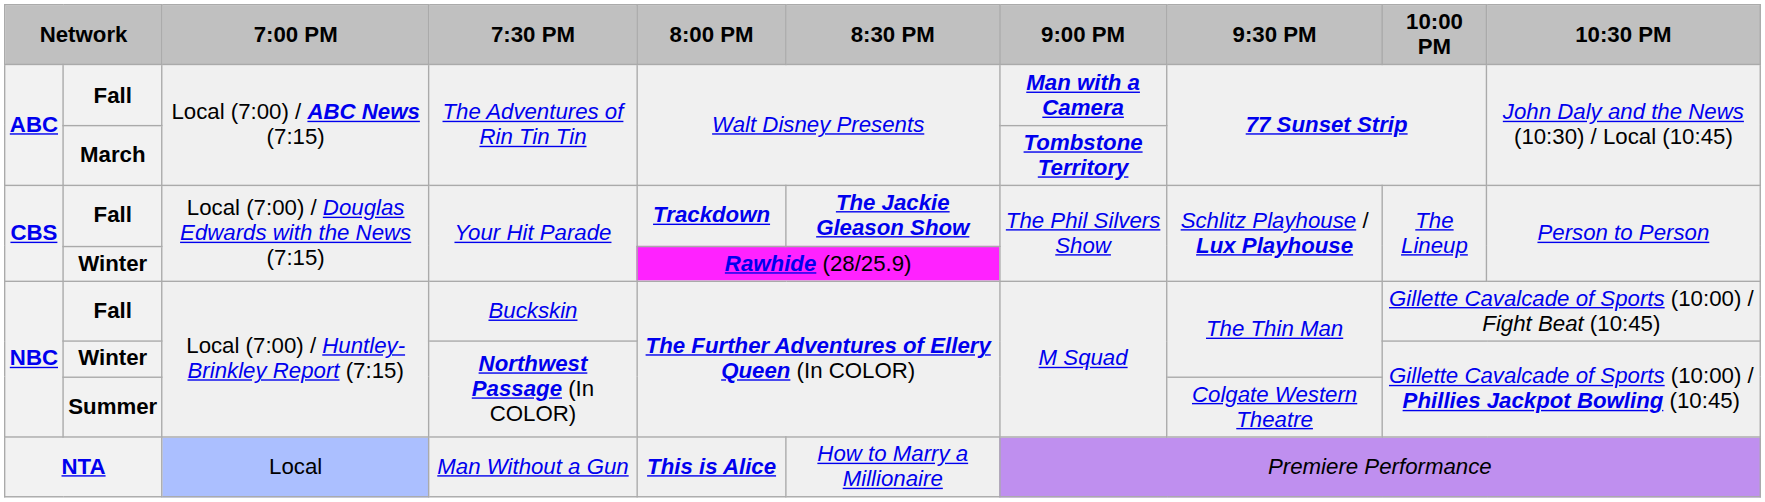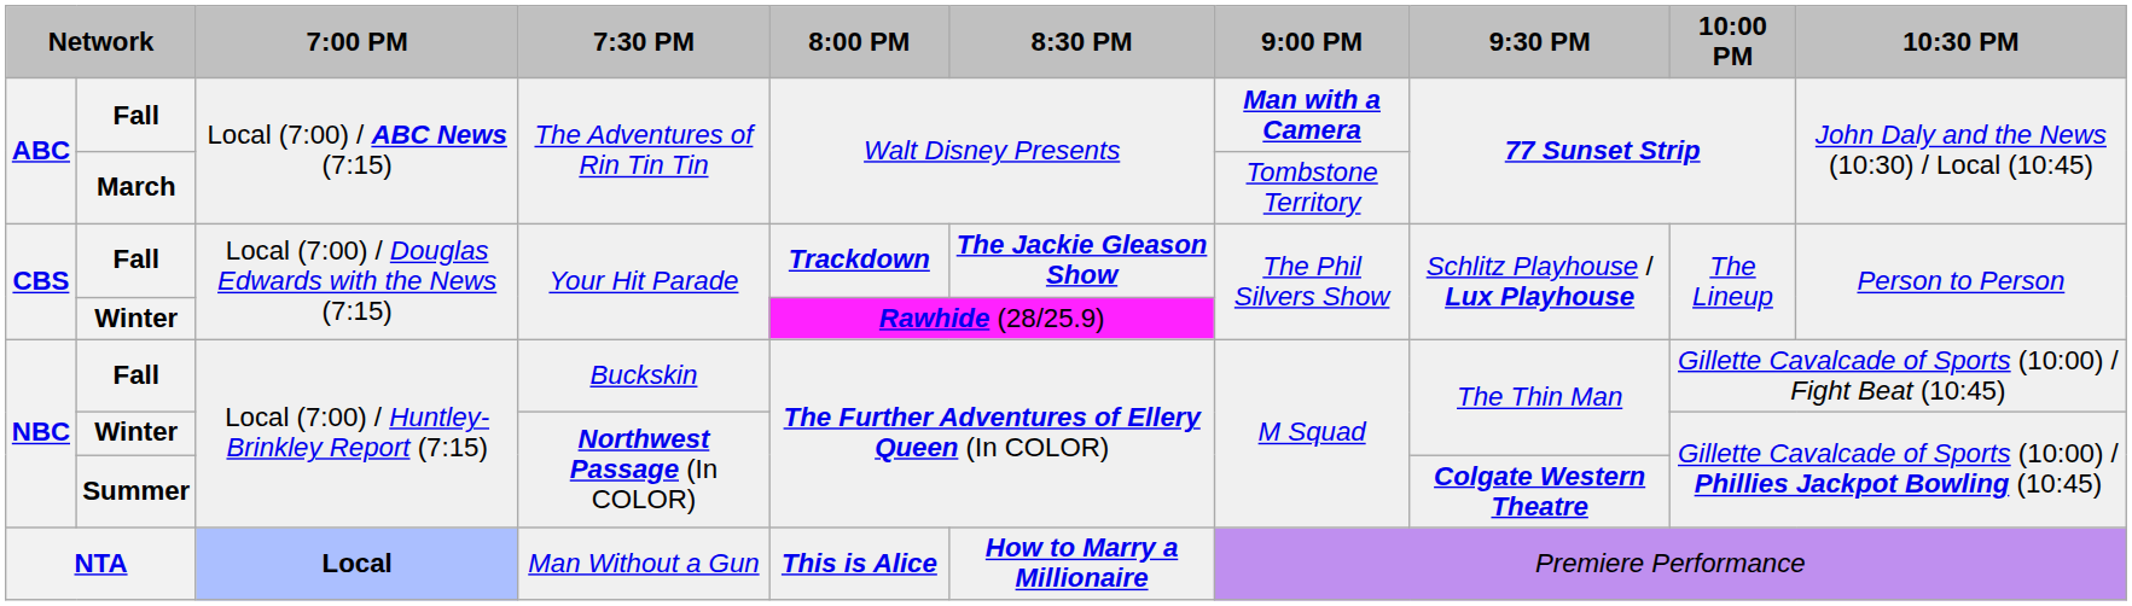 <table class="wikitable" style="width:100%;margin-right:0;text-align:center">
 <tr>
 <th colspan="2" style="background-color:#C0C0C0;text-align:center">Network</th>
 <th style="background-color:#C0C0C0;text-align:center">7:00 PM</th>
 <th style="background-color:#C0C0C0;text-align:center">7:30 PM</th>
 <th style="background-color:#C0C0C0;text-align:center">8:00 PM</th>
 <th style="background-color:#C0C0C0;text-align:center">8:30 PM</th>
 <th style="background-color:#C0C0C0;text-align:center">9:00 PM</th>
 <th style="background-color:#C0C0C0;text-align:center">9:30 PM</th>
 <th style="background-color:#C0C0C0;text-align:center">10:00 PM</th>
 <th style="background-color:#C0C0C0;text-align:center">10:30 PM</th>
 </tr>
 <tr>
 <th rowspan="2"><a href='#'>ABC</a></th>
 <th>Fall</th>
 <td bgcolor="#F0F0F0"  rowspan="2">Local (7:00) / <strong><em><a href='#'>ABC News</a></em></strong> (7:15)</td>
 <td bgcolor="#F0F0F0"  rowspan="2"><em><a href='#'>The Adventures of Rin Tin Tin</a></em></td>
 <td bgcolor="#F0F0F0" colspan="2"  rowspan="2"><em><a href='#'>Walt Disney Presents</a></em></td>
 <td bgcolor="#F0F0F0"><strong><em><a href='#'>Man with a Camera</a></em></strong></td>
 <td bgcolor="#F0F0F0" colspan="2"  rowspan="2"><strong><em><a href='#'>77 Sunset Strip</a></em></strong></td>
 <td bgcolor="#F0F0F0"  rowspan="2"><em><a href='#'>John Daly and the News</a></em> (10:30) / Local (10:45)</td>
 </tr>
 <tr>
 <th>March</th>
-<td bgcolor="#F0F0F0"><strong><em><a href='#'>Tombstone Territory</a></em></strong></td>
+<td bgcolor="#F0F0F0"><em><a href='#'>Tombstone Territory</a></em></td>
 </tr>
 <tr>
 <th rowspan="2"><a href='#'>CBS</a></th>
 <th>Fall</th>
 <td bgcolor="#F0F0F0" rowspan="2">Local (7:00) / <em><a href='#'>Douglas Edwards with the News</a></em> (7:15)</td>
 <td bgcolor="#F0F0F0" rowspan="2"><em><a href='#'>Your Hit Parade</a></em></td>
 <td bgcolor="#F0F0F0"><strong><em><a href='#'>Trackdown</a></em></strong></td>
 <td bgcolor="#F0F0F0"><strong><em><a href='#'>The Jackie Gleason Show</a></em></strong></td>
 <td bgcolor="#F0F0F0" rowspan="2"><em><a href='#'>The Phil Silvers Show</a></em></td>
 <td bgcolor="#F0F0F0" rowspan="2"><em><a href='#'>Schlitz Playhouse</a></em> / <strong><em><a href='#'>Lux Playhouse</a></em></strong></td>
 <td bgcolor="#F0F0F0" rowspan="2"><em><a href='#'>The Lineup</a></em></td>
 <td bgcolor="#F0F0F0" rowspan="2"><em><a href='#'>Person to Person</a></em></td>
 </tr>
 <tr>
 <th>Winter</th>
 <td bgcolor="#FF22FF" colspan="2"><strong><em><a href='#'>Rawhide</a></em></strong> (28/25.9)</td>
 </tr>
 <tr>
 <th rowspan="3"><a href='#'>NBC</a></th>
 <th>Fall</th>
 <td rowspan="3" bgcolor="#F0F0F0">Local (7:00) / <em><a href='#'>Huntley-Brinkley Report</a></em> (7:15)</td>
 <td bgcolor="#F0F0F0"><em><a href='#'>Buckskin</a></em></td>
 <td colspan="2" rowspan="3" bgcolor="#F0F0F0"><strong><em><a href='#'>The Further Adventures of Ellery Queen</a></em></strong> (In <span>C</span><span>O</span><span>L</span><span>O</span><span>R</span>)</td>
 <td rowspan="3" bgcolor="#F0F0F0"><em><a href='#'>M Squad</a></em></td>
 <td rowspan="2" bgcolor="#F0F0F0"><em><a href='#'>The Thin Man</a></em></td>
 <td colspan="2" bgcolor="#F0F0F0"><em><a href='#'>Gillette Cavalcade of Sports</a></em> (10:00) / <em>Fight Beat</em> (10:45)</td>
 </tr>
 <tr>
 <th>Winter</th>
 <td rowspan="2" bgcolor="#F0F0F0"><strong><em><a href='#'>Northwest Passage</a></em></strong> (In <span>C</span><span>O</span><span>L</span><span>O</span><span>R</span>)</td>
 <td colspan="2" rowspan="2" bgcolor="#F0F0F0"><em><a href='#'>Gillette Cavalcade of Sports</a></em> (10:00) / <strong><em><a href='#'>Phillies Jackpot Bowling</a></em></strong> (10:45)</td>
 </tr>
 <tr>
 <th>Summer</th>
-<td bgcolor="#F0F0F0"><em><a href='#'>Colgate Western Theatre</a></em></td>
+<td bgcolor="#F0F0F0"><strong><em><a href='#'>Colgate Western Theatre</a></em></strong></td>
 </tr>
 <tr>
 <th colspan="2"><a href='#'>NTA</a></th>
-<td bgcolor="#abbfff">Local</td>
+<td bgcolor="#abbfff"><strong>Local</strong></td>
 <td bgcolor="#F0F0F0"><em><a href='#'>Man Without a Gun</a></em></td>
 <td bgcolor="#F0F0F0"><strong><em><a href='#'>This is Alice</a></em></strong></td>
-<td bgcolor="#F0F0F0"><em><a href='#'>How to Marry a Millionaire</a></em></td>
+<td bgcolor="#F0F0F0"><strong><em><a href='#'>How to Marry a Millionaire</a></em></strong></td>
 <td colspan="4" bgcolor="#bf8fef"><em>Premiere Performance</em></td>
 </tr>
 </table>
